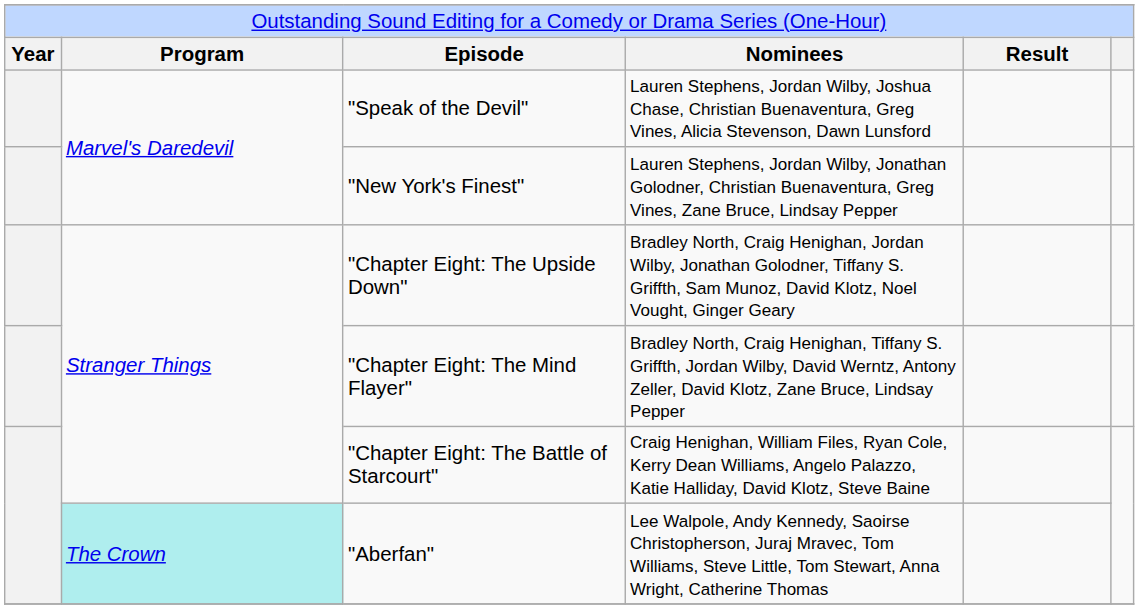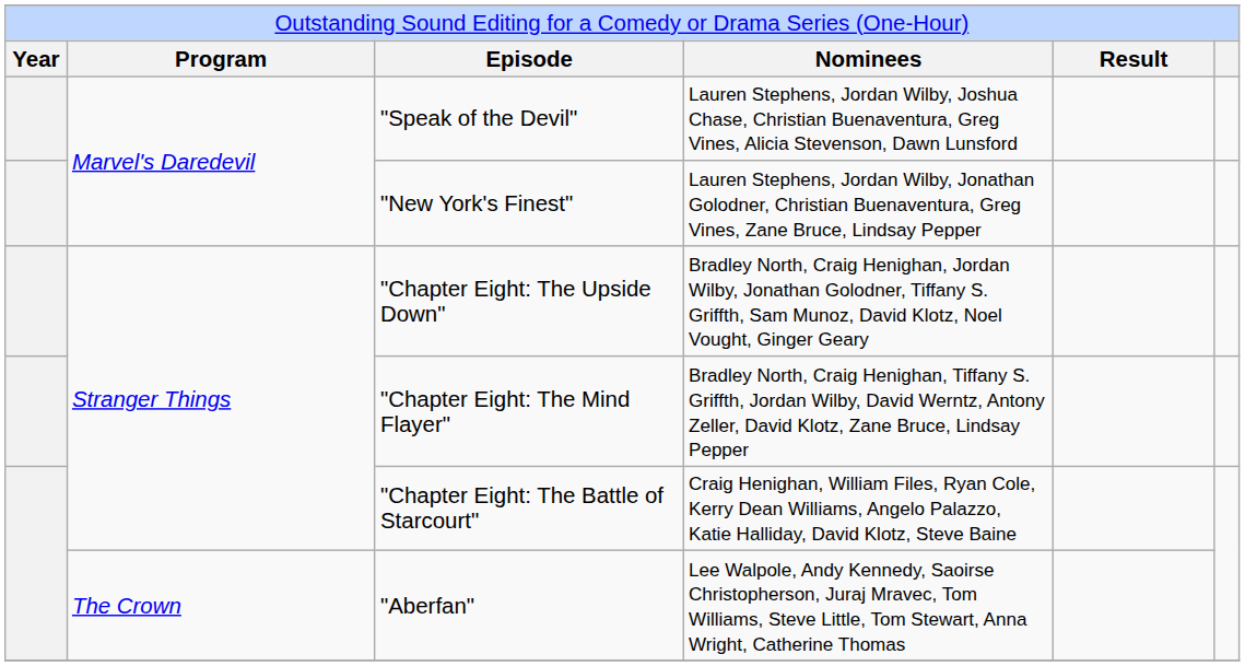 <table class="wikitable plainrowheaders" style="font-size: 90%" width=90%>
 <tr>
 </tr>
 <tr ---- bgcolor="#bfd7ff">
 <td colspan=6 align=center><a href='#'>Outstanding Sound Editing for a Comedy or Drama Series (One-Hour)</a></td>
 </tr>
 <tr ---- bgcolor="#ebf5ff">
 <th width="5%">Year</th>
 <th width="25%">Program</th>
 <th width="25%">Episode</th>
 <th width="30%">Nominees</th>
 <th width="13%">Result</th>
 <th width="5%"></th>
 </tr>
 <tr>
 <th scope=row></th>
 <td rowspan="2"><em><a href='#'>Marvel's Daredevil</a></em></td>
 <td>"Speak of the Devil"</td>
 <td><small>Lauren Stephens, Jordan Wilby, Joshua Chase, Christian Buenaventura, Greg Vines, Alicia Stevenson, Dawn Lunsford</small></td>
 <td></td>
 <td></td>
 </tr>
 <tr>
 <th scope=row></th>
 <td>"New York's Finest"</td>
 <td><small>Lauren Stephens, Jordan Wilby, Jonathan Golodner, Christian Buenaventura, Greg Vines, Zane Bruce, Lindsay Pepper</small></td>
 <td></td>
 <td></td>
 </tr>
 <tr>
 <th scope=row></th>
 <td rowspan="3"><em><a href='#'>Stranger Things</a></em></td>
 <td>"Chapter Eight: The Upside Down"</td>
 <td><small>Bradley North, Craig Henighan, Jordan Wilby, Jonathan Golodner, Tiffany S. Griffth, Sam Munoz, David Klotz, Noel Vought, Ginger Geary</small></td>
 <td></td>
 <td></td>
 </tr>
 <tr>
 <th scope=row></th>
 <td>"Chapter Eight: The Mind Flayer"</td>
 <td><small>Bradley North, Craig Henighan, Tiffany S. Griffth, Jordan Wilby, David Werntz, Antony Zeller, David Klotz, Zane Bruce, Lindsay Pepper</small></td>
 <td></td>
 <td></td>
 </tr>
 <tr>
 <th scope=row rowspan="2"></th>
 <td>"Chapter Eight: The Battle of Starcourt"</td>
 <td><small>Craig Henighan, William Files, Ryan Cole, Kerry Dean Williams, Angelo Palazzo, Katie Halliday, David Klotz, Steve Baine</small></td>
 <td></td>
 <td rowspan="2"></td>
 </tr>
 <tr>
-<td style="background: paleturquoise;"><em><a href='#'>The Crown</a></em></td>
+<td><em><a href='#'>The Crown</a></em></td>
 <td>"Aberfan"</td>
 <td><small>Lee Walpole, Andy Kennedy, Saoirse Christopherson, Juraj Mravec, Tom Williams, Steve Little, Tom Stewart, Anna Wright, Catherine Thomas</small></td>
 <td></td>
 </tr>
 <tr>
 </tr>
 </table>
